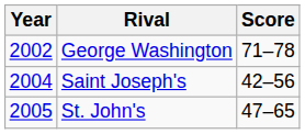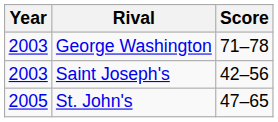 <table class="wikitable" style="font-size: ; text-align: ">
 <tr>
 <th width=px>Year</th>
 <th width=px>Rival</th>
 <th width=px>Score</th>
 </tr>
 <tr>
-<td><a href='#'>2002</a></td>
+<td><a href='#'>2003</a></td>
 <td><a href='#'>George Washington</a></td>
 <td>71–78</td>
 </tr>
 <tr>
-<td><a href='#'>2004</a></td>
+<td><a href='#'>2003</a></td>
 <td><a href='#'>Saint Joseph's</a></td>
 <td>42–56</td>
 </tr>
 <tr>
 <td><a href='#'>2005</a></td>
 <td><a href='#'>St. John's</a></td>
 <td>47–65</td>
 </tr>
 </table>
